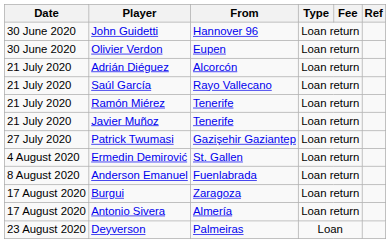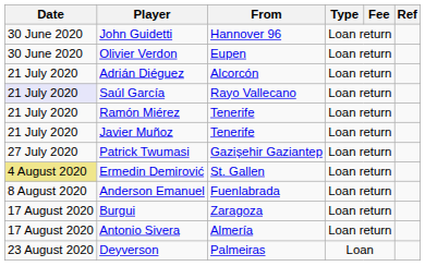 <table class="wikitable">
 <tr>
 <th>Date</th>
 <th>Player</th>
 <th>From</th>
 <th>Type</th>
 <th>Fee</th>
 <th>Ref</th>
 </tr>
 <tr>
 <td>30 June 2020</td>
 <td> <a href='#'>John Guidetti</a></td>
 <td> <a href='#'>Hannover 96</a></td>
 <td align=center colspan=2>Loan return</td>
 <td align=center></td>
 </tr>
 <tr>
 <td>30 June 2020</td>
 <td> <a href='#'>Olivier Verdon</a></td>
 <td> <a href='#'>Eupen</a></td>
 <td align=center colspan=2>Loan return</td>
 <td align=center></td>
 </tr>
 <tr>
 <td>21 July 2020</td>
 <td> <a href='#'>Adrián Diéguez</a></td>
 <td><a href='#'>Alcorcón</a></td>
 <td align=center colspan=2>Loan return</td>
 <td align=center></td>
 </tr>
 <tr>
-<td>21 July 2020</td>
+<td style="background: lavender;">21 July 2020</td>
 <td> <a href='#'>Saúl García</a></td>
 <td><a href='#'>Rayo Vallecano</a></td>
 <td align=center colspan=2>Loan return</td>
 <td align=center></td>
 </tr>
 <tr>
 <td>21 July 2020</td>
 <td> <a href='#'>Ramón Miérez</a></td>
 <td><a href='#'>Tenerife</a></td>
 <td align=center colspan=2>Loan return</td>
 <td align=center></td>
 </tr>
 <tr>
 <td>21 July 2020</td>
 <td> <a href='#'>Javier Muñoz</a></td>
 <td><a href='#'>Tenerife</a></td>
 <td align=center colspan=2>Loan return</td>
 <td align=center></td>
 </tr>
 <tr>
 <td>27 July 2020</td>
 <td> <a href='#'>Patrick Twumasi</a></td>
 <td> <a href='#'>Gazişehir Gaziantep</a></td>
 <td align=center colspan=2>Loan return</td>
 <td align=center></td>
 </tr>
 <tr>
-<td>4 August 2020</td>
+<td style="background: khaki;">4 August 2020</td>
 <td> <a href='#'>Ermedin Demirović</a></td>
 <td> <a href='#'>St. Gallen</a></td>
 <td align=center colspan=2>Loan return</td>
 <td align=center></td>
 </tr>
 <tr>
 <td>8 August 2020</td>
 <td> <a href='#'>Anderson Emanuel</a></td>
 <td><a href='#'>Fuenlabrada</a></td>
 <td align=center colspan=2>Loan return</td>
 <td align=center></td>
 </tr>
 <tr>
 <td>17 August 2020</td>
 <td> <a href='#'>Burgui</a></td>
 <td><a href='#'>Zaragoza</a></td>
 <td align=center colspan=2>Loan return</td>
 <td align=center></td>
 </tr>
 <tr>
 <td>17 August 2020</td>
 <td> <a href='#'>Antonio Sivera</a></td>
 <td><a href='#'>Almería</a></td>
 <td align=center colspan=2>Loan return</td>
 <td align=center></td>
 </tr>
 <tr>
 <td>23 August 2020</td>
 <td> <a href='#'>Deyverson</a></td>
 <td> <a href='#'>Palmeiras</a></td>
 <td align=center colspan=2>Loan</td>
 <td align=center></td>
 </tr>
 </table>
